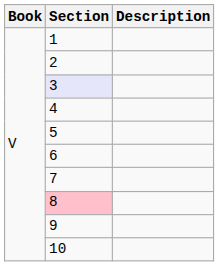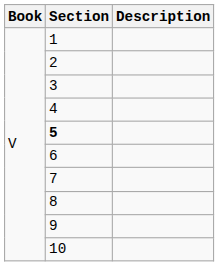 <table class="wikitable" style="max-width:45em;">
 <tr>
 <th>Book</th>
 <th>Section</th>
 <th>Description</th>
 </tr>
 <tr>
 <td rowspan="15">V</td>
 <td>1</td>
 <td></td>
 </tr>
 <tr>
 <td>2</td>
 <td></td>
 </tr>
 <tr>
-<td style="background: lavender;">3</td>
+<td>3</td>
 <td></td>
 </tr>
 <tr>
 <td>4</td>
 <td></td>
 </tr>
 <tr>
-<td>5</td>
+<td><strong>5</strong></td>
 <td></td>
 </tr>
 <tr>
 <td>6</td>
 <td></td>
 </tr>
 <tr>
 <td>7</td>
 <td></td>
 </tr>
 <tr>
-<td style="background: pink;">8</td>
+<td>8</td>
 <td></td>
 </tr>
 <tr>
 <td>9</td>
 <td></td>
 </tr>
 <tr>
 <td>10</td>
 <td></td>
 </tr>
 </table>
